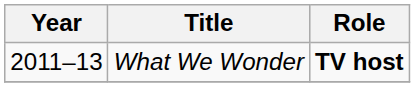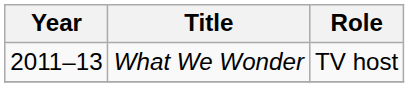 <table class="wikitable">
 <tr>
 <th>Year</th>
 <th>Title</th>
 <th>Role</th>
 </tr>
 <tr>
 <td>2011–13</td>
 <td><em>What We Wonder</em></td>
-<td><strong>TV host</strong></td>
+<td>TV host</td>
 </tr>
 <tr>
 </tr>
 </table>
